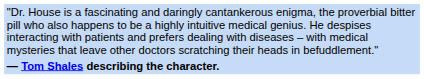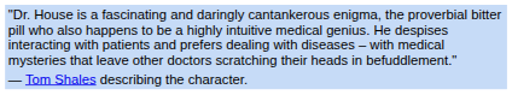 <table class="toccolours" style="float: right; margin-left: 1em; margin-right: 2em; font-size: 90%; background:#c6dbf7; color:black; width:37em; max-width: 40%;">
 <tr>
 <td style="text-align: left;">"Dr. House is a fascinating and daringly cantankerous enigma, the proverbial bitter pill who also happens to be a highly intuitive medical genius. He despises interacting with patients and prefers dealing with diseases – with medical mysteries that leave other doctors scratching their heads in befuddlement."</td>
 </tr>
 <tr>
-<td style="text-align: left;"><strong>— <a href='#'>Tom Shales</a> describing the character.</strong></td>
+<td style="text-align: left;">— <a href='#'>Tom Shales</a> describing the character.</td>
 </tr>
 </table>
